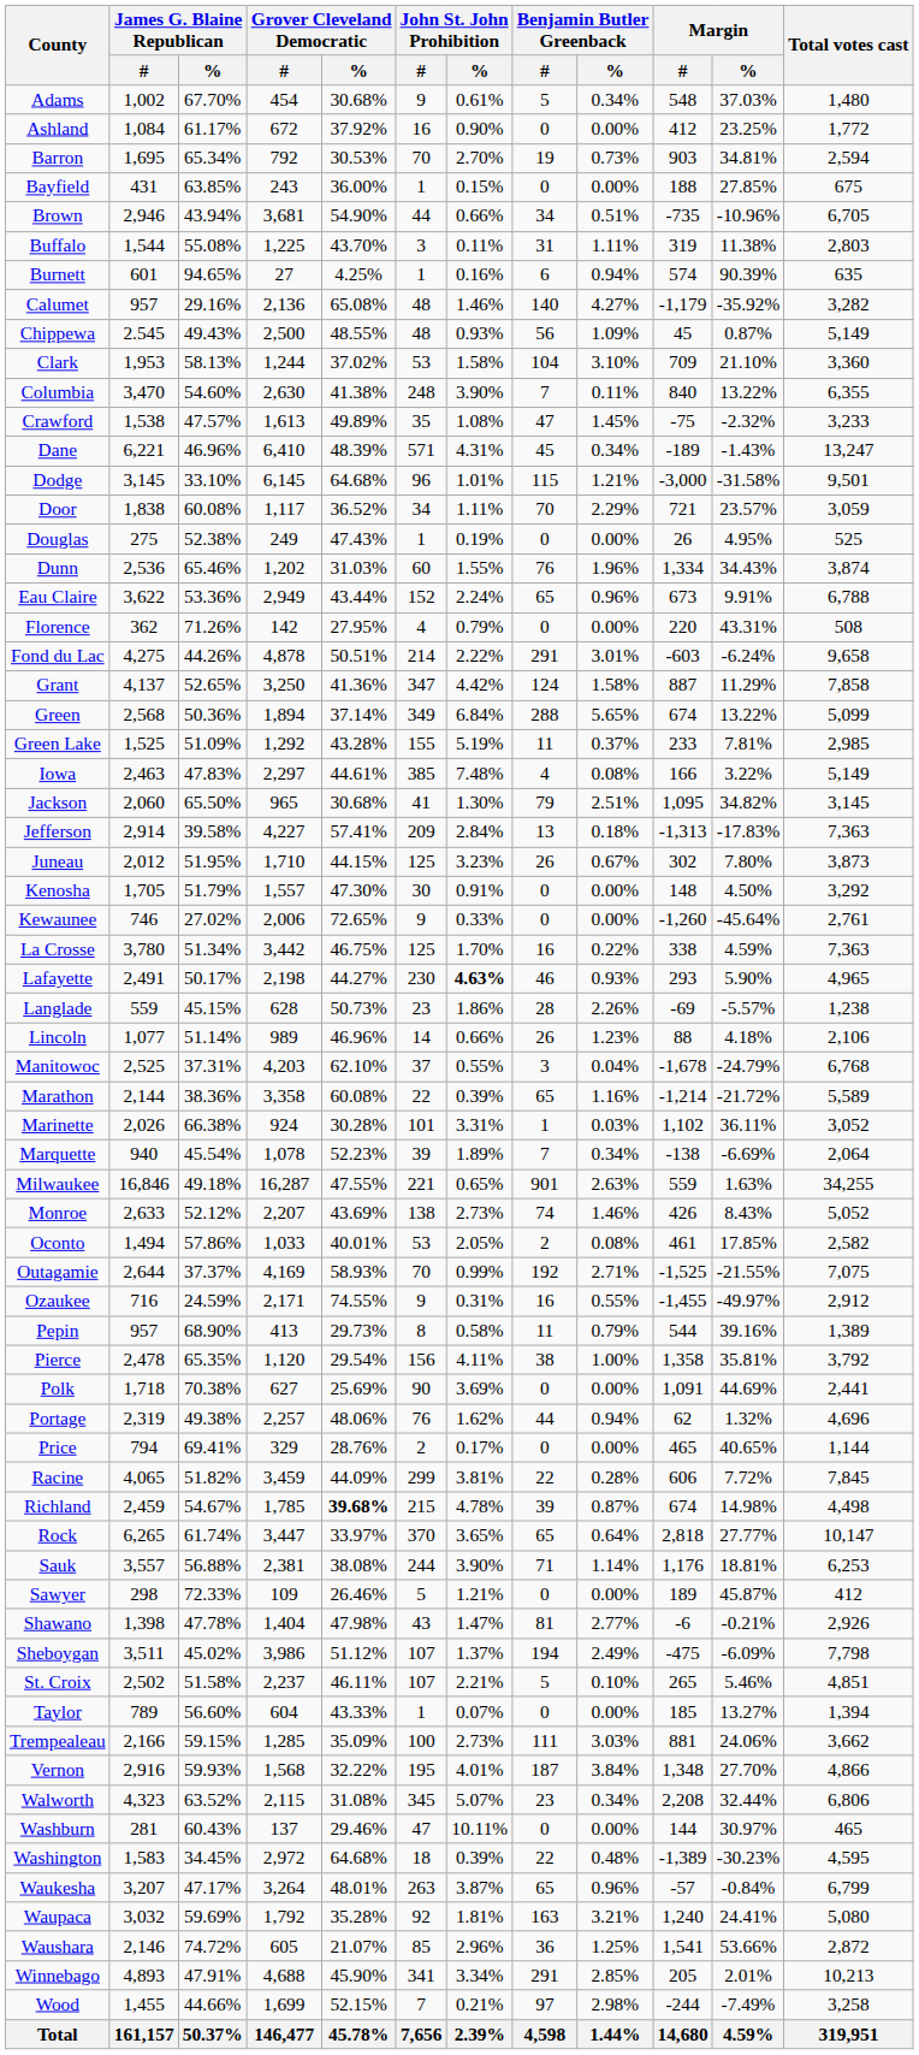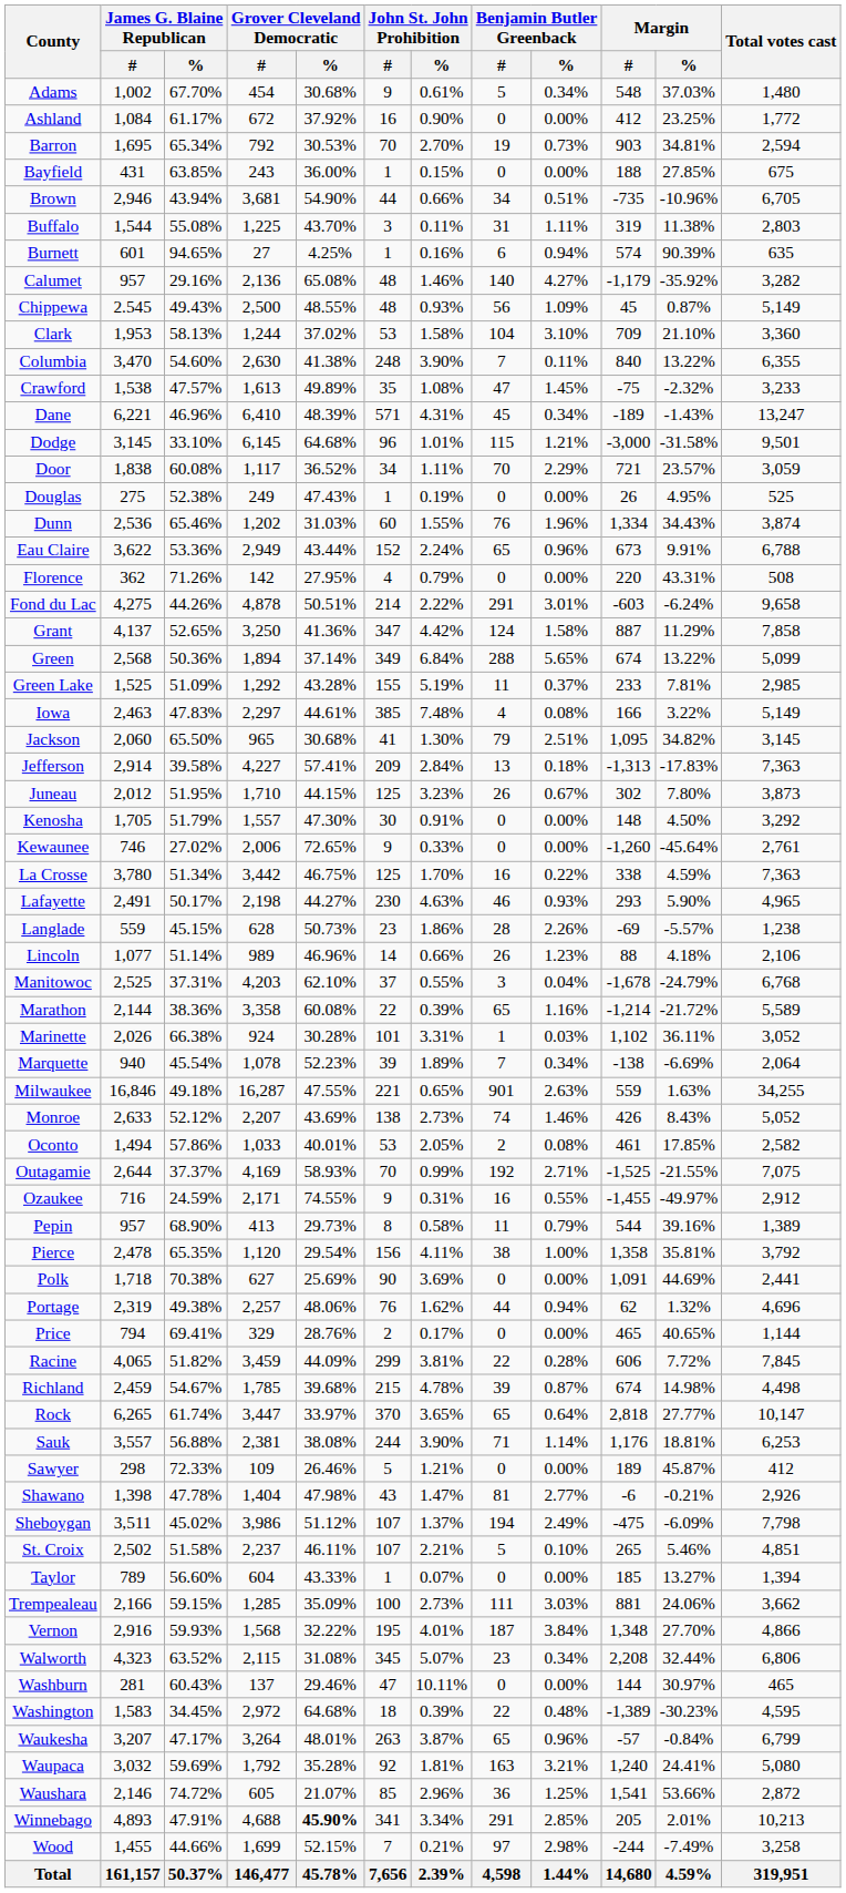 <table class="wikitable sortable" style="text-align:center">
 <tr>
 <th rowspan="2" style="text-align:center;">County</th>
 <th colspan="2" style="text-align:center;"><a href='#'>James G. Blaine</a><br>Republican</th>
 <th colspan="2" style="text-align:center;"><a href='#'>Grover Cleveland</a><br>Democratic</th>
 <th colspan="2" style="text-align:center;"><a href='#'>John St. John</a><br>Prohibition</th>
 <th colspan="2" style="text-align:center;"><a href='#'>Benjamin Butler</a><br>Greenback</th>
 <th colspan="2" style="text-align:center;">Margin</th>
 <th rowspan="2" style="text-align:center;">Total votes cast</th>
 </tr>
 <tr>
 <th style="text-align:center;" data-sort-type="number">#</th>
 <th style="text-align:center;" data-sort-type="number">%</th>
 <th style="text-align:center;" data-sort-type="number">#</th>
 <th style="text-align:center;" data-sort-type="number">%</th>
 <th style="text-align:center;" data-sort-type="number">#</th>
 <th style="text-align:center;" data-sort-type="number">%</th>
 <th style="text-align:center;" data-sort-type="number">#</th>
 <th style="text-align:center;" data-sort-type="number">%</th>
 <th style="text-align:center;" data-sort-type="number">#</th>
 <th style="text-align:center;" data-sort-type="number">%</th>
 </tr>
 <tr style="text-align:center;">
 <td><a href='#'>Adams</a></td>
 <td>1,002</td>
 <td>67.70%</td>
 <td>454</td>
 <td>30.68%</td>
 <td>9</td>
 <td>0.61%</td>
 <td>5</td>
 <td>0.34%</td>
 <td>548</td>
 <td>37.03%</td>
 <td>1,480</td>
 </tr>
 <tr style="text-align:center;">
 <td><a href='#'>Ashland</a></td>
 <td>1,084</td>
 <td>61.17%</td>
 <td>672</td>
 <td>37.92%</td>
 <td>16</td>
 <td>0.90%</td>
 <td>0</td>
 <td>0.00%</td>
 <td>412</td>
 <td>23.25%</td>
 <td>1,772</td>
 </tr>
 <tr style="text-align:center;">
 <td><a href='#'>Barron</a></td>
 <td>1,695</td>
 <td>65.34%</td>
 <td>792</td>
 <td>30.53%</td>
 <td>70</td>
 <td>2.70%</td>
 <td>19</td>
 <td>0.73%</td>
 <td>903</td>
 <td>34.81%</td>
 <td>2,594</td>
 </tr>
 <tr style="text-align:center;">
 <td><a href='#'>Bayfield</a></td>
 <td>431</td>
 <td>63.85%</td>
 <td>243</td>
 <td>36.00%</td>
 <td>1</td>
 <td>0.15%</td>
 <td>0</td>
 <td>0.00%</td>
 <td>188</td>
 <td>27.85%</td>
 <td>675</td>
 </tr>
 <tr style="text-align:center;">
 <td><a href='#'>Brown</a></td>
 <td>2,946</td>
 <td>43.94%</td>
 <td>3,681</td>
 <td>54.90%</td>
 <td>44</td>
 <td>0.66%</td>
 <td>34</td>
 <td>0.51%</td>
 <td>-735</td>
 <td>-10.96%</td>
 <td>6,705</td>
 </tr>
 <tr style="text-align:center;">
 <td><a href='#'>Buffalo</a></td>
 <td>1,544</td>
 <td>55.08%</td>
 <td>1,225</td>
 <td>43.70%</td>
 <td>3</td>
 <td>0.11%</td>
 <td>31</td>
 <td>1.11%</td>
 <td>319</td>
 <td>11.38%</td>
 <td>2,803</td>
 </tr>
 <tr style="text-align:center;">
 <td><a href='#'>Burnett</a></td>
 <td>601</td>
 <td>94.65%</td>
 <td>27</td>
 <td>4.25%</td>
 <td>1</td>
 <td>0.16%</td>
 <td>6</td>
 <td>0.94%</td>
 <td>574</td>
 <td>90.39%</td>
 <td>635</td>
 </tr>
 <tr style="text-align:center;">
 <td><a href='#'>Calumet</a></td>
 <td>957</td>
 <td>29.16%</td>
 <td>2,136</td>
 <td>65.08%</td>
 <td>48</td>
 <td>1.46%</td>
 <td>140</td>
 <td>4.27%</td>
 <td>-1,179</td>
 <td>-35.92%</td>
 <td>3,282</td>
 </tr>
 <tr style="text-align:center;">
 <td><a href='#'>Chippewa</a></td>
 <td>2.545</td>
 <td>49.43%</td>
 <td>2,500</td>
 <td>48.55%</td>
 <td>48</td>
 <td>0.93%</td>
 <td>56</td>
 <td>1.09%</td>
 <td>45</td>
 <td>0.87%</td>
 <td>5,149</td>
 </tr>
 <tr style="text-align:center;">
 <td><a href='#'>Clark</a></td>
 <td>1,953</td>
 <td>58.13%</td>
 <td>1,244</td>
 <td>37.02%</td>
 <td>53</td>
 <td>1.58%</td>
 <td>104</td>
 <td>3.10%</td>
 <td>709</td>
 <td>21.10%</td>
 <td>3,360</td>
 </tr>
 <tr style="text-align:center;">
 <td><a href='#'>Columbia</a></td>
 <td>3,470</td>
 <td>54.60%</td>
 <td>2,630</td>
 <td>41.38%</td>
 <td>248</td>
 <td>3.90%</td>
 <td>7</td>
 <td>0.11%</td>
 <td>840</td>
 <td>13.22%</td>
 <td>6,355</td>
 </tr>
 <tr style="text-align:center;">
 <td><a href='#'>Crawford</a></td>
 <td>1,538</td>
 <td>47.57%</td>
 <td>1,613</td>
 <td>49.89%</td>
 <td>35</td>
 <td>1.08%</td>
 <td>47</td>
 <td>1.45%</td>
 <td>-75</td>
 <td>-2.32%</td>
 <td>3,233</td>
 </tr>
 <tr style="text-align:center;">
 <td><a href='#'>Dane</a></td>
 <td>6,221</td>
 <td>46.96%</td>
 <td>6,410</td>
 <td>48.39%</td>
 <td>571</td>
 <td>4.31%</td>
 <td>45</td>
 <td>0.34%</td>
 <td>-189</td>
 <td>-1.43%</td>
 <td>13,247</td>
 </tr>
 <tr style="text-align:center;">
 <td><a href='#'>Dodge</a></td>
 <td>3,145</td>
 <td>33.10%</td>
 <td>6,145</td>
 <td>64.68%</td>
 <td>96</td>
 <td>1.01%</td>
 <td>115</td>
 <td>1.21%</td>
 <td>-3,000</td>
 <td>-31.58%</td>
 <td>9,501</td>
 </tr>
 <tr style="text-align:center;">
 <td><a href='#'>Door</a></td>
 <td>1,838</td>
 <td>60.08%</td>
 <td>1,117</td>
 <td>36.52%</td>
 <td>34</td>
 <td>1.11%</td>
 <td>70</td>
 <td>2.29%</td>
 <td>721</td>
 <td>23.57%</td>
 <td>3,059</td>
 </tr>
 <tr style="text-align:center;">
 <td><a href='#'>Douglas</a></td>
 <td>275</td>
 <td>52.38%</td>
 <td>249</td>
 <td>47.43%</td>
 <td>1</td>
 <td>0.19%</td>
 <td>0</td>
 <td>0.00%</td>
 <td>26</td>
 <td>4.95%</td>
 <td>525</td>
 </tr>
 <tr style="text-align:center;">
 <td><a href='#'>Dunn</a></td>
 <td>2,536</td>
 <td>65.46%</td>
 <td>1,202</td>
 <td>31.03%</td>
 <td>60</td>
 <td>1.55%</td>
 <td>76</td>
 <td>1.96%</td>
 <td>1,334</td>
 <td>34.43%</td>
 <td>3,874</td>
 </tr>
 <tr style="text-align:center;">
 <td><a href='#'>Eau Claire</a></td>
 <td>3,622</td>
 <td>53.36%</td>
 <td>2,949</td>
 <td>43.44%</td>
 <td>152</td>
 <td>2.24%</td>
 <td>65</td>
 <td>0.96%</td>
 <td>673</td>
 <td>9.91%</td>
 <td>6,788</td>
 </tr>
 <tr style="text-align:center;">
 <td><a href='#'>Florence</a></td>
 <td>362</td>
 <td>71.26%</td>
 <td>142</td>
 <td>27.95%</td>
 <td>4</td>
 <td>0.79%</td>
 <td>0</td>
 <td>0.00%</td>
 <td>220</td>
 <td>43.31%</td>
 <td>508</td>
 </tr>
 <tr style="text-align:center;">
 <td><a href='#'>Fond du Lac</a></td>
 <td>4,275</td>
 <td>44.26%</td>
 <td>4,878</td>
 <td>50.51%</td>
 <td>214</td>
 <td>2.22%</td>
 <td>291</td>
 <td>3.01%</td>
 <td>-603</td>
 <td>-6.24%</td>
 <td>9,658</td>
 </tr>
 <tr style="text-align:center;">
 <td><a href='#'>Grant</a></td>
 <td>4,137</td>
 <td>52.65%</td>
 <td>3,250</td>
 <td>41.36%</td>
 <td>347</td>
 <td>4.42%</td>
 <td>124</td>
 <td>1.58%</td>
 <td>887</td>
 <td>11.29%</td>
 <td>7,858</td>
 </tr>
 <tr style="text-align:center;">
 <td><a href='#'>Green</a></td>
 <td>2,568</td>
 <td>50.36%</td>
 <td>1,894</td>
 <td>37.14%</td>
 <td>349</td>
 <td>6.84%</td>
 <td>288</td>
 <td>5.65%</td>
 <td>674</td>
 <td>13.22%</td>
 <td>5,099</td>
 </tr>
 <tr style="text-align:center;">
 <td><a href='#'>Green Lake</a></td>
 <td>1,525</td>
 <td>51.09%</td>
 <td>1,292</td>
 <td>43.28%</td>
 <td>155</td>
 <td>5.19%</td>
 <td>11</td>
 <td>0.37%</td>
 <td>233</td>
 <td>7.81%</td>
 <td>2,985</td>
 </tr>
 <tr style="text-align:center;">
 <td><a href='#'>Iowa</a></td>
 <td>2,463</td>
 <td>47.83%</td>
 <td>2,297</td>
 <td>44.61%</td>
 <td>385</td>
 <td>7.48%</td>
 <td>4</td>
 <td>0.08%</td>
 <td>166</td>
 <td>3.22%</td>
 <td>5,149</td>
 </tr>
 <tr style="text-align:center;">
 <td><a href='#'>Jackson</a></td>
 <td>2,060</td>
 <td>65.50%</td>
 <td>965</td>
 <td>30.68%</td>
 <td>41</td>
 <td>1.30%</td>
 <td>79</td>
 <td>2.51%</td>
 <td>1,095</td>
 <td>34.82%</td>
 <td>3,145</td>
 </tr>
 <tr style="text-align:center;">
 <td><a href='#'>Jefferson</a></td>
 <td>2,914</td>
 <td>39.58%</td>
 <td>4,227</td>
 <td>57.41%</td>
 <td>209</td>
 <td>2.84%</td>
 <td>13</td>
 <td>0.18%</td>
 <td>-1,313</td>
 <td>-17.83%</td>
 <td>7,363</td>
 </tr>
 <tr style="text-align:center;">
 <td><a href='#'>Juneau</a></td>
 <td>2,012</td>
 <td>51.95%</td>
 <td>1,710</td>
 <td>44.15%</td>
 <td>125</td>
 <td>3.23%</td>
 <td>26</td>
 <td>0.67%</td>
 <td>302</td>
 <td>7.80%</td>
 <td>3,873</td>
 </tr>
 <tr style="text-align:center;">
 <td><a href='#'>Kenosha</a></td>
 <td>1,705</td>
 <td>51.79%</td>
 <td>1,557</td>
 <td>47.30%</td>
 <td>30</td>
 <td>0.91%</td>
 <td>0</td>
 <td>0.00%</td>
 <td>148</td>
 <td>4.50%</td>
 <td>3,292</td>
 </tr>
 <tr style="text-align:center;">
 <td><a href='#'>Kewaunee</a></td>
 <td>746</td>
 <td>27.02%</td>
 <td>2,006</td>
 <td>72.65%</td>
 <td>9</td>
 <td>0.33%</td>
 <td>0</td>
 <td>0.00%</td>
 <td>-1,260</td>
 <td>-45.64%</td>
 <td>2,761</td>
 </tr>
 <tr style="text-align:center;">
 <td><a href='#'>La Crosse</a></td>
 <td>3,780</td>
 <td>51.34%</td>
 <td>3,442</td>
 <td>46.75%</td>
 <td>125</td>
 <td>1.70%</td>
 <td>16</td>
 <td>0.22%</td>
 <td>338</td>
 <td>4.59%</td>
 <td>7,363</td>
 </tr>
 <tr style="text-align:center;">
 <td><a href='#'>Lafayette</a></td>
 <td>2,491</td>
 <td>50.17%</td>
 <td>2,198</td>
 <td>44.27%</td>
 <td>230</td>
-<td><strong>4.63%</strong></td>
+<td>4.63%</td>
 <td>46</td>
 <td>0.93%</td>
 <td>293</td>
 <td>5.90%</td>
 <td>4,965</td>
 </tr>
 <tr style="text-align:center;">
 <td><a href='#'>Langlade</a></td>
 <td>559</td>
 <td>45.15%</td>
 <td>628</td>
 <td>50.73%</td>
 <td>23</td>
 <td>1.86%</td>
 <td>28</td>
 <td>2.26%</td>
 <td>-69</td>
 <td>-5.57%</td>
 <td>1,238</td>
 </tr>
 <tr style="text-align:center;">
 <td><a href='#'>Lincoln</a></td>
 <td>1,077</td>
 <td>51.14%</td>
 <td>989</td>
 <td>46.96%</td>
 <td>14</td>
 <td>0.66%</td>
 <td>26</td>
 <td>1.23%</td>
 <td>88</td>
 <td>4.18%</td>
 <td>2,106</td>
 </tr>
 <tr style="text-align:center;">
 <td><a href='#'>Manitowoc</a></td>
 <td>2,525</td>
 <td>37.31%</td>
 <td>4,203</td>
 <td>62.10%</td>
 <td>37</td>
 <td>0.55%</td>
 <td>3</td>
 <td>0.04%</td>
 <td>-1,678</td>
 <td>-24.79%</td>
 <td>6,768</td>
 </tr>
 <tr style="text-align:center;">
 <td><a href='#'>Marathon</a></td>
 <td>2,144</td>
 <td>38.36%</td>
 <td>3,358</td>
 <td>60.08%</td>
 <td>22</td>
 <td>0.39%</td>
 <td>65</td>
 <td>1.16%</td>
 <td>-1,214</td>
 <td>-21.72%</td>
 <td>5,589</td>
 </tr>
 <tr style="text-align:center;">
 <td><a href='#'>Marinette</a></td>
 <td>2,026</td>
 <td>66.38%</td>
 <td>924</td>
 <td>30.28%</td>
 <td>101</td>
 <td>3.31%</td>
 <td>1</td>
 <td>0.03%</td>
 <td>1,102</td>
 <td>36.11%</td>
 <td>3,052</td>
 </tr>
 <tr style="text-align:center;">
 <td><a href='#'>Marquette</a></td>
 <td>940</td>
 <td>45.54%</td>
 <td>1,078</td>
 <td>52.23%</td>
 <td>39</td>
 <td>1.89%</td>
 <td>7</td>
 <td>0.34%</td>
 <td>-138</td>
 <td>-6.69%</td>
 <td>2,064</td>
 </tr>
 <tr style="text-align:center;">
 <td><a href='#'>Milwaukee</a></td>
 <td>16,846</td>
 <td>49.18%</td>
 <td>16,287</td>
 <td>47.55%</td>
 <td>221</td>
 <td>0.65%</td>
 <td>901</td>
 <td>2.63%</td>
 <td>559</td>
 <td>1.63%</td>
 <td>34,255</td>
 </tr>
 <tr style="text-align:center;">
 <td><a href='#'>Monroe</a></td>
 <td>2,633</td>
 <td>52.12%</td>
 <td>2,207</td>
 <td>43.69%</td>
 <td>138</td>
 <td>2.73%</td>
 <td>74</td>
 <td>1.46%</td>
 <td>426</td>
 <td>8.43%</td>
 <td>5,052</td>
 </tr>
 <tr style="text-align:center;">
 <td><a href='#'>Oconto</a></td>
 <td>1,494</td>
 <td>57.86%</td>
 <td>1,033</td>
 <td>40.01%</td>
 <td>53</td>
 <td>2.05%</td>
 <td>2</td>
 <td>0.08%</td>
 <td>461</td>
 <td>17.85%</td>
 <td>2,582</td>
 </tr>
 <tr style="text-align:center;">
 <td><a href='#'>Outagamie</a></td>
 <td>2,644</td>
 <td>37.37%</td>
 <td>4,169</td>
 <td>58.93%</td>
 <td>70</td>
 <td>0.99%</td>
 <td>192</td>
 <td>2.71%</td>
 <td>-1,525</td>
 <td>-21.55%</td>
 <td>7,075</td>
 </tr>
 <tr style="text-align:center;">
 <td><a href='#'>Ozaukee</a></td>
 <td>716</td>
 <td>24.59%</td>
 <td>2,171</td>
 <td>74.55%</td>
 <td>9</td>
 <td>0.31%</td>
 <td>16</td>
 <td>0.55%</td>
 <td>-1,455</td>
 <td>-49.97%</td>
 <td>2,912</td>
 </tr>
 <tr style="text-align:center;">
 <td><a href='#'>Pepin</a></td>
 <td>957</td>
 <td>68.90%</td>
 <td>413</td>
 <td>29.73%</td>
 <td>8</td>
 <td>0.58%</td>
 <td>11</td>
 <td>0.79%</td>
 <td>544</td>
 <td>39.16%</td>
 <td>1,389</td>
 </tr>
 <tr style="text-align:center;">
 <td><a href='#'>Pierce</a></td>
 <td>2,478</td>
 <td>65.35%</td>
 <td>1,120</td>
 <td>29.54%</td>
 <td>156</td>
 <td>4.11%</td>
 <td>38</td>
 <td>1.00%</td>
 <td>1,358</td>
 <td>35.81%</td>
 <td>3,792</td>
 </tr>
 <tr style="text-align:center;">
 <td><a href='#'>Polk</a></td>
 <td>1,718</td>
 <td>70.38%</td>
 <td>627</td>
 <td>25.69%</td>
 <td>90</td>
 <td>3.69%</td>
 <td>0</td>
 <td>0.00%</td>
 <td>1,091</td>
 <td>44.69%</td>
 <td>2,441</td>
 </tr>
 <tr style="text-align:center;">
 <td><a href='#'>Portage</a></td>
 <td>2,319</td>
 <td>49.38%</td>
 <td>2,257</td>
 <td>48.06%</td>
 <td>76</td>
 <td>1.62%</td>
 <td>44</td>
 <td>0.94%</td>
 <td>62</td>
 <td>1.32%</td>
 <td>4,696</td>
 </tr>
 <tr style="text-align:center;">
 <td><a href='#'>Price</a></td>
 <td>794</td>
 <td>69.41%</td>
 <td>329</td>
 <td>28.76%</td>
 <td>2</td>
 <td>0.17%</td>
 <td>0</td>
 <td>0.00%</td>
 <td>465</td>
 <td>40.65%</td>
 <td>1,144</td>
 </tr>
 <tr style="text-align:center;">
 <td><a href='#'>Racine</a></td>
 <td>4,065</td>
 <td>51.82%</td>
 <td>3,459</td>
 <td>44.09%</td>
 <td>299</td>
 <td>3.81%</td>
 <td>22</td>
 <td>0.28%</td>
 <td>606</td>
 <td>7.72%</td>
 <td>7,845</td>
 </tr>
 <tr style="text-align:center;">
 <td><a href='#'>Richland</a></td>
 <td>2,459</td>
 <td>54.67%</td>
 <td>1,785</td>
-<td><strong>39.68%</strong></td>
+<td>39.68%</td>
 <td>215</td>
 <td>4.78%</td>
 <td>39</td>
 <td>0.87%</td>
 <td>674</td>
 <td>14.98%</td>
 <td>4,498</td>
 </tr>
 <tr style="text-align:center;">
 <td><a href='#'>Rock</a></td>
 <td>6,265</td>
 <td>61.74%</td>
 <td>3,447</td>
 <td>33.97%</td>
 <td>370</td>
 <td>3.65%</td>
 <td>65</td>
 <td>0.64%</td>
 <td>2,818</td>
 <td>27.77%</td>
 <td>10,147</td>
 </tr>
 <tr style="text-align:center;">
 <td><a href='#'>Sauk</a></td>
 <td>3,557</td>
 <td>56.88%</td>
 <td>2,381</td>
 <td>38.08%</td>
 <td>244</td>
 <td>3.90%</td>
 <td>71</td>
 <td>1.14%</td>
 <td>1,176</td>
 <td>18.81%</td>
 <td>6,253</td>
 </tr>
 <tr style="text-align:center;">
 <td><a href='#'>Sawyer</a></td>
 <td>298</td>
 <td>72.33%</td>
 <td>109</td>
 <td>26.46%</td>
 <td>5</td>
 <td>1.21%</td>
 <td>0</td>
 <td>0.00%</td>
 <td>189</td>
 <td>45.87%</td>
 <td>412</td>
 </tr>
 <tr style="text-align:center;">
 <td><a href='#'>Shawano</a></td>
 <td>1,398</td>
 <td>47.78%</td>
 <td>1,404</td>
 <td>47.98%</td>
 <td>43</td>
 <td>1.47%</td>
 <td>81</td>
 <td>2.77%</td>
 <td>-6</td>
 <td>-0.21%</td>
 <td>2,926</td>
 </tr>
 <tr style="text-align:center;">
 <td><a href='#'>Sheboygan</a></td>
 <td>3,511</td>
 <td>45.02%</td>
 <td>3,986</td>
 <td>51.12%</td>
 <td>107</td>
 <td>1.37%</td>
 <td>194</td>
 <td>2.49%</td>
 <td>-475</td>
 <td>-6.09%</td>
 <td>7,798</td>
 </tr>
 <tr style="text-align:center;">
 <td><a href='#'>St. Croix</a></td>
 <td>2,502</td>
 <td>51.58%</td>
 <td>2,237</td>
 <td>46.11%</td>
 <td>107</td>
 <td>2.21%</td>
 <td>5</td>
 <td>0.10%</td>
 <td>265</td>
 <td>5.46%</td>
 <td>4,851</td>
 </tr>
 <tr style="text-align:center;">
 <td><a href='#'>Taylor</a></td>
 <td>789</td>
 <td>56.60%</td>
 <td>604</td>
 <td>43.33%</td>
 <td>1</td>
 <td>0.07%</td>
 <td>0</td>
 <td>0.00%</td>
 <td>185</td>
 <td>13.27%</td>
 <td>1,394</td>
 </tr>
 <tr style="text-align:center;">
 <td><a href='#'>Trempealeau</a></td>
 <td>2,166</td>
 <td>59.15%</td>
 <td>1,285</td>
 <td>35.09%</td>
 <td>100</td>
 <td>2.73%</td>
 <td>111</td>
 <td>3.03%</td>
 <td>881</td>
 <td>24.06%</td>
 <td>3,662</td>
 </tr>
 <tr style="text-align:center;">
 <td><a href='#'>Vernon</a></td>
 <td>2,916</td>
 <td>59.93%</td>
 <td>1,568</td>
 <td>32.22%</td>
 <td>195</td>
 <td>4.01%</td>
 <td>187</td>
 <td>3.84%</td>
 <td>1,348</td>
 <td>27.70%</td>
 <td>4,866</td>
 </tr>
 <tr style="text-align:center;">
 <td><a href='#'>Walworth</a></td>
 <td>4,323</td>
 <td>63.52%</td>
 <td>2,115</td>
 <td>31.08%</td>
 <td>345</td>
 <td>5.07%</td>
 <td>23</td>
 <td>0.34%</td>
 <td>2,208</td>
 <td>32.44%</td>
 <td>6,806</td>
 </tr>
 <tr style="text-align:center;">
 <td><a href='#'>Washburn</a></td>
 <td>281</td>
 <td>60.43%</td>
 <td>137</td>
 <td>29.46%</td>
 <td>47</td>
 <td>10.11%</td>
 <td>0</td>
 <td>0.00%</td>
 <td>144</td>
 <td>30.97%</td>
 <td>465</td>
 </tr>
 <tr style="text-align:center;">
 <td><a href='#'>Washington</a></td>
 <td>1,583</td>
 <td>34.45%</td>
 <td>2,972</td>
 <td>64.68%</td>
 <td>18</td>
 <td>0.39%</td>
 <td>22</td>
 <td>0.48%</td>
 <td>-1,389</td>
 <td>-30.23%</td>
 <td>4,595</td>
 </tr>
 <tr style="text-align:center;">
 <td><a href='#'>Waukesha</a></td>
 <td>3,207</td>
 <td>47.17%</td>
 <td>3,264</td>
 <td>48.01%</td>
 <td>263</td>
 <td>3.87%</td>
 <td>65</td>
 <td>0.96%</td>
 <td>-57</td>
 <td>-0.84%</td>
 <td>6,799</td>
 </tr>
 <tr style="text-align:center;">
 <td><a href='#'>Waupaca</a></td>
 <td>3,032</td>
 <td>59.69%</td>
 <td>1,792</td>
 <td>35.28%</td>
 <td>92</td>
 <td>1.81%</td>
 <td>163</td>
 <td>3.21%</td>
 <td>1,240</td>
 <td>24.41%</td>
 <td>5,080</td>
 </tr>
 <tr style="text-align:center;">
 <td><a href='#'>Waushara</a></td>
 <td>2,146</td>
 <td>74.72%</td>
 <td>605</td>
 <td>21.07%</td>
 <td>85</td>
 <td>2.96%</td>
 <td>36</td>
 <td>1.25%</td>
 <td>1,541</td>
 <td>53.66%</td>
 <td>2,872</td>
 </tr>
 <tr style="text-align:center;">
 <td><a href='#'>Winnebago</a></td>
 <td>4,893</td>
 <td>47.91%</td>
 <td>4,688</td>
-<td>45.90%</td>
+<td><strong>45.90%</strong></td>
 <td>341</td>
 <td>3.34%</td>
 <td>291</td>
 <td>2.85%</td>
 <td>205</td>
 <td>2.01%</td>
 <td>10,213</td>
 </tr>
 <tr style="text-align:center;">
 <td><a href='#'>Wood</a></td>
 <td>1,455</td>
 <td>44.66%</td>
 <td>1,699</td>
 <td>52.15%</td>
 <td>7</td>
 <td>0.21%</td>
 <td>97</td>
 <td>2.98%</td>
 <td>-244</td>
 <td>-7.49%</td>
 <td>3,258</td>
 </tr>
 <tr>
 <th>Total</th>
 <th>161,157</th>
 <th>50.37%</th>
 <th>146,477</th>
 <th>45.78%</th>
 <th>7,656</th>
 <th>2.39%</th>
 <th>4,598</th>
 <th>1.44%</th>
 <th>14,680</th>
 <th>4.59%</th>
 <th>319,951</th>
 </tr>
 </table>
